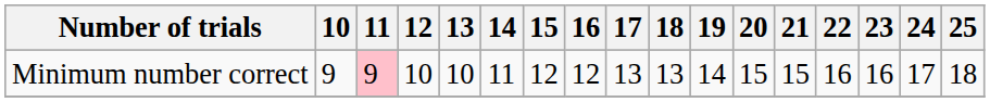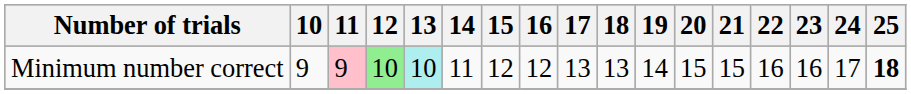 <table class="wikitable">
 <tr>
 <th>Number of trials</th>
 <th>10</th>
 <th>11</th>
 <th>12</th>
 <th>13</th>
 <th>14</th>
 <th>15</th>
 <th>16</th>
 <th>17</th>
 <th>18</th>
 <th>19</th>
 <th>20</th>
 <th>21</th>
 <th>22</th>
 <th>23</th>
 <th>24</th>
 <th>25</th>
 </tr>
 <tr>
 <td>Minimum number correct</td>
 <td>9</td>
 <td style="background: pink;">9</td>
-<td>10</td>
-<td>10</td>
+<td style="background: lightgreen;">10</td>
+<td style="background: paleturquoise;">10</td>
 <td>11</td>
 <td>12</td>
 <td>12</td>
 <td>13</td>
 <td>13</td>
 <td>14</td>
 <td>15</td>
 <td>15</td>
 <td>16</td>
 <td>16</td>
 <td>17</td>
-<td>18</td>
+<td><strong>18</strong></td>
 </tr>
 <tr>
 </tr>
 </table>
